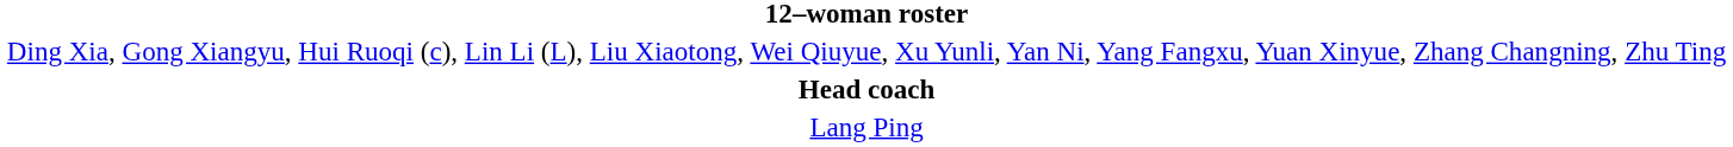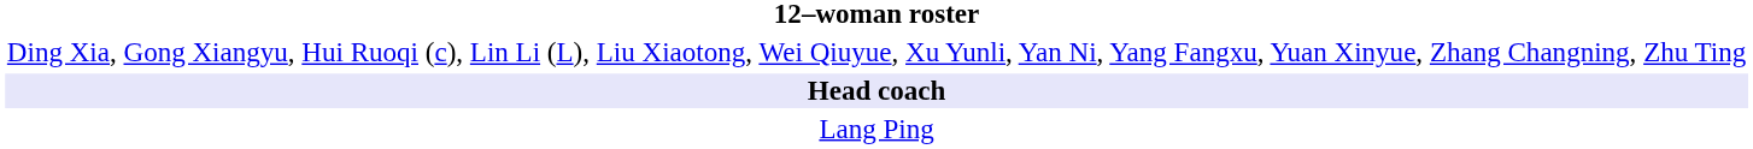 <table style="text-align: center; margin-top: 2em; margin-left: auto; margin-right: auto">
 <tr>
 <td><strong>12–woman roster</strong></td>
 </tr>
 <tr>
 <td><a href='#'>Ding Xia</a>, <a href='#'>Gong Xiangyu</a>, <a href='#'>Hui Ruoqi</a> (<a href='#'>c</a>), <a href='#'>Lin Li</a> (<a href='#'>L</a>), <a href='#'>Liu Xiaotong</a>, <a href='#'>Wei Qiuyue</a>, <a href='#'>Xu Yunli</a>, <a href='#'>Yan Ni</a>, <a href='#'>Yang Fangxu</a>, <a href='#'>Yuan Xinyue</a>, <a href='#'>Zhang Changning</a>, <a href='#'>Zhu Ting</a></td>
 </tr>
 <tr>
-<td><strong>Head coach</strong></td>
+<td style="background: lavender;"><strong>Head coach</strong></td>
 </tr>
 <tr>
 <td><a href='#'>Lang Ping</a></td>
 </tr>
 </table>
